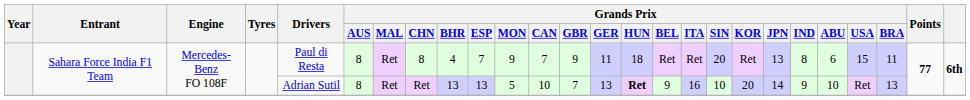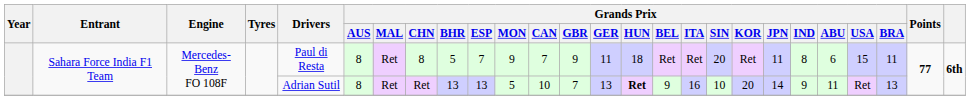 <table class="wikitable" style="text-align:center; font-size:95%">
 <tr>
 <th rowspan="2">Year</th>
 <th rowspan="2">Entrant</th>
 <th rowspan="2">Engine</th>
 <th rowspan="2">Tyres</th>
 <th rowspan="2">Drivers</th>
 <th colspan="19">Grands Prix</th>
 <th rowspan="2">Points</th>
 <th rowspan="2"></th>
 </tr>
 <tr>
 <th><a href='#'>AUS</a></th>
 <th><a href='#'>MAL</a></th>
 <th><a href='#'>CHN</a></th>
 <th><a href='#'>BHR</a></th>
 <th><a href='#'>ESP</a></th>
 <th><a href='#'>MON</a></th>
 <th><a href='#'>CAN</a></th>
 <th><a href='#'>GBR</a></th>
 <th><a href='#'>GER</a></th>
 <th><a href='#'>HUN</a></th>
 <th><a href='#'>BEL</a></th>
 <th><a href='#'>ITA</a></th>
 <th><a href='#'>SIN</a></th>
 <th><a href='#'>KOR</a></th>
 <th><a href='#'>JPN</a></th>
 <th><a href='#'>IND</a></th>
 <th><a href='#'>ABU</a></th>
 <th><a href='#'>USA</a></th>
 <th><a href='#'>BRA</a></th>
 </tr>
 <tr>
 <th rowspan=2></th>
 <td rowspan=2><a href='#'>Sahara Force India F1 Team</a></td>
 <td rowspan=2><a href='#'>Mercedes-Benz</a><br>FO 108F</td>
 <td rowspan=2></td>
 <td align="center"><a href='#'>Paul di Resta</a></td>
 <td style="background:#dfffdf;">8</td>
 <td style="background:#efcfff;">Ret</td>
 <td style="background:#dfffdf;">8</td>
-<td style="background:#dfffdf;">4</td>
+<td style="background:#dfffdf;">5</td>
 <td style="background:#dfffdf;">7</td>
 <td style="background:#dfffdf;">9</td>
 <td style="background:#dfffdf;">7</td>
 <td style="background:#dfffdf;">9</td>
 <td style="background:#cfcfff;">11</td>
 <td style="background:#cfcfff;">18</td>
 <td style="background:#efcfff;">Ret</td>
 <td style="background:#efcfff;">Ret</td>
 <td style="background:#cfcfff;">20</td>
 <td style="background:#efcfff;">Ret</td>
-<td style="background:#cfcfff;">13</td>
+<td style="background:#cfcfff;">11</td>
 <td style="background:#dfffdf;">8</td>
 <td style="background:#dfffdf;">6</td>
 <td style="background:#cfcfff;">15</td>
 <td style="background:#cfcfff;">11</td>
 <td rowspan="2"><strong>77</strong></td>
 <td rowspan="2"><strong>6th</strong></td>
 </tr>
 <tr>
 <td align="center"><a href='#'>Adrian Sutil</a></td>
 <td style="background:#dfffdf;">8</td>
 <td style="background:#efcfff;">Ret</td>
 <td style="background:#efcfff;">Ret</td>
 <td style="background:#cfcfff;">13</td>
 <td style="background:#cfcfff;">13</td>
 <td style="background:#dfffdf;">5</td>
 <td style="background:#dfffdf;">10</td>
 <td style="background:#dfffdf;">7</td>
 <td style="background:#cfcfff;">13</td>
 <td style="background:#efcfff;"><strong>Ret</strong></td>
 <td style="background:#dfffdf;">9</td>
 <td style="background:#cfcfff;">16</td>
 <td style="background:#dfffdf;">10</td>
 <td style="background:#cfcfff;">20</td>
 <td style="background:#cfcfff;">14</td>
 <td style="background:#dfffdf;">9</td>
-<td style="background:#dfffdf;">10</td>
+<td style="background:#dfffdf;">11</td>
 <td style="background:#efcfff;">Ret</td>
 <td style="background:#cfcfff;">13</td>
 </tr>
 <tr>
 </tr>
 </table>
